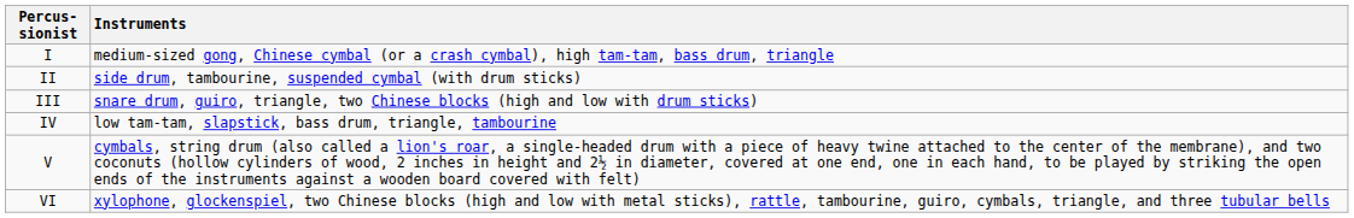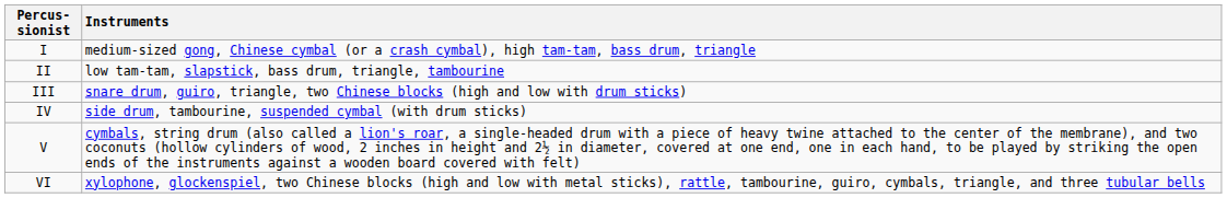 <table class="wikitable">
 <tr>
 <th>Percus­sionist</th>
 <th style="text-align:left;">Instruments</th>
 </tr>
 <tr>
 <td style="text-align:center;">I</td>
 <td>medium-sized <a href='#'>gong</a>, <a href='#'>Chinese cymbal</a> (or a <a href='#'>crash cymbal</a>), high <a href='#'>tam-tam</a>, <a href='#'>bass drum</a>, <a href='#'>triangle</a></td>
 </tr>
 <tr>
 <td style="text-align:center;">II</td>
-<td><a href='#'>side drum</a>, tambourine, <a href='#'>suspended cymbal</a> (with drum sticks)</td>
+<td>low tam-tam, <a href='#'>slapstick</a>, bass drum, triangle, <a href='#'>tambourine</a></td>
 </tr>
 <tr>
 <td style="text-align:center;">III</td>
 <td><a href='#'>snare drum</a>, <a href='#'>guiro</a>, triangle, two <a href='#'>Chinese blocks</a> (high and low with <a href='#'>drum sticks</a>)</td>
 </tr>
 <tr>
 <td style="text-align:center;">IV</td>
-<td>low tam-tam, <a href='#'>slapstick</a>, bass drum, triangle, <a href='#'>tambourine</a></td>
+<td><a href='#'>side drum</a>, tambourine, <a href='#'>suspended cymbal</a> (with drum sticks)</td>
 </tr>
 <tr>
 <td style="text-align:center;">V</td>
 <td><a href='#'>cymbals</a>, string drum (also called a <a href='#'>lion's roar</a>, a single-headed drum with a piece of heavy twine attached to the center of the membrane), and two coconuts (hollow cylinders of wood, 2 inches in height and 2½ in diameter, covered at one end, one in each hand, to be played by striking the open ends of the instruments against a wooden board covered with felt)</td>
 </tr>
 <tr>
 <td style="text-align:center;">VI</td>
 <td><a href='#'>xylophone</a>, <a href='#'>glockenspiel</a>, two Chinese blocks (high and low with metal sticks), <a href='#'>rattle</a>, tambourine, guiro, cymbals, triangle, and three <a href='#'>tubular bells</a></td>
 </tr>
 </table>
